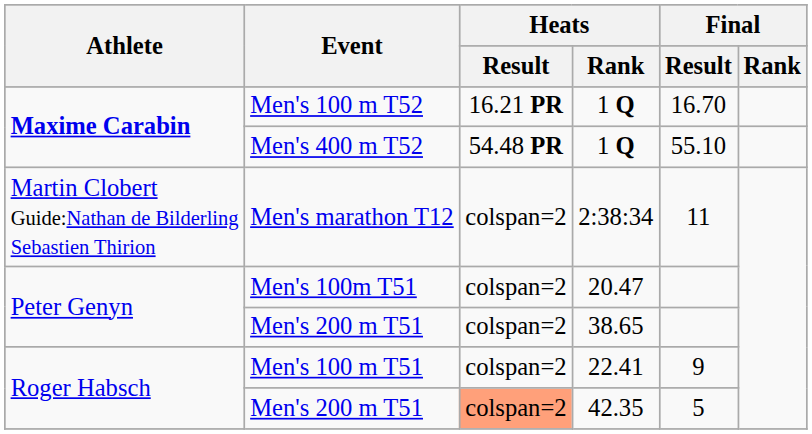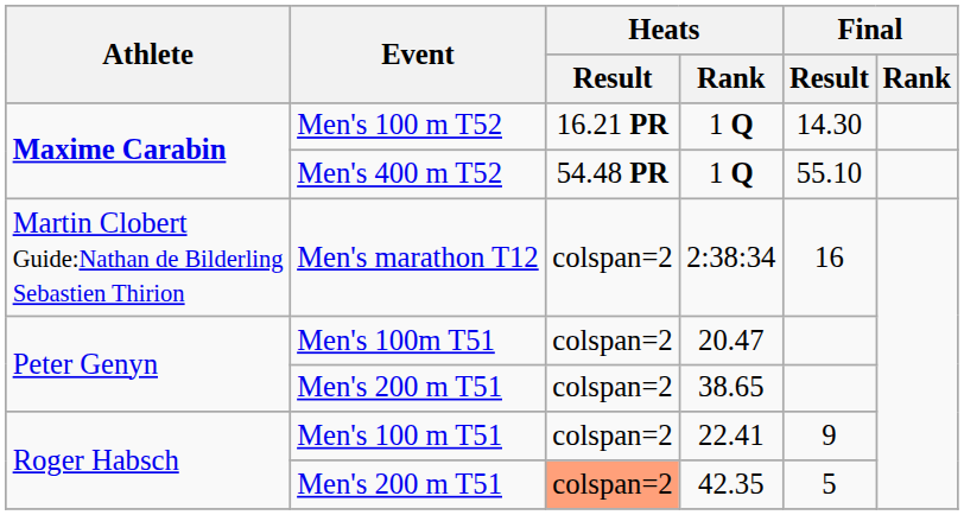 <table class=wikitable style="font-size:90%">
 <tr>
 <th rowspan="2">Athlete</th>
 <th rowspan="2">Event</th>
 <th colspan="2">Heats</th>
 <th colspan="2">Final</th>
 </tr>
 <tr>
 <th>Result</th>
 <th>Rank</th>
 <th>Result</th>
 <th>Rank</th>
 </tr>
 <tr align=center>
 <td align=left rowspan=2><strong><a href='#'>Maxime Carabin</a></strong></td>
 <td align=left><a href='#'>Men's 100 m T52</a></td>
 <td>16.21 <strong>PR</strong></td>
 <td>1 <strong>Q</strong></td>
-<td>16.70</td>
+<td>14.30</td>
 <td></td>
 </tr>
 <tr align=center>
 <td align=left><a href='#'>Men's 400 m T52</a></td>
 <td>54.48 <strong>PR</strong></td>
 <td>1 <strong>Q</strong></td>
 <td>55.10</td>
 <td></td>
 </tr>
 <tr align=center>
 <td align=left><a href='#'>Martin Clobert</a><br><small>Guide:<a href='#'>Nathan de Bilderling</a> <br><a href='#'>Sebastien Thirion</a></small></td>
 <td align=left><a href='#'>Men's marathon T12</a></td>
 <td>colspan=2 </td>
 <td>2:38:34</td>
-<td>11</td>
+<td>16</td>
 </tr>
 <tr align=center>
 <td align=left rowspan=2><a href='#'>Peter Genyn</a></td>
 <td align=left><a href='#'>Men's 100m T51</a></td>
 <td>colspan=2 </td>
 <td>20.47</td>
 <td></td>
 </tr>
 <tr align=center>
 <td align=left><a href='#'>Men's 200 m T51</a></td>
 <td>colspan=2 </td>
 <td>38.65</td>
 <td></td>
 </tr>
 <tr align=center>
 <td align=left rowspan=2><a href='#'>Roger Habsch</a></td>
 <td align=left><a href='#'>Men's 100 m T51</a></td>
 <td>colspan=2 </td>
 <td>22.41</td>
 <td>9</td>
 </tr>
 <tr align=center>
 <td align=left><a href='#'>Men's 200 m T51</a></td>
 <td style="background: lightsalmon;">colspan=2 </td>
 <td>42.35</td>
 <td>5</td>
 </tr>
 </table>
